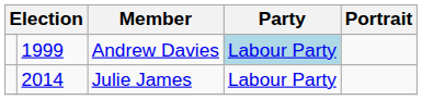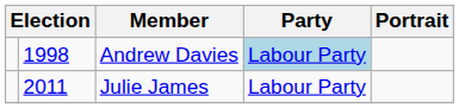 <table class="wikitable">
 <tr>
 <th colspan="2">Election</th>
 <th>Member</th>
 <th>Party</th>
 <th>Portrait</th>
 </tr>
 <tr>
 <td style="background-color: "></td>
-<td><a href='#'>1999</a></td>
+<td><a href='#'>1998</a></td>
 <td><a href='#'>Andrew Davies</a></td>
 <td style="background: lightblue;"><a href='#'>Labour Party</a></td>
 <td></td>
 </tr>
 <tr>
 <td style="background-color: "></td>
-<td><a href='#'>2014</a></td>
+<td><a href='#'>2011</a></td>
 <td><a href='#'>Julie James</a></td>
 <td><a href='#'>Labour Party</a></td>
 <td></td>
 </tr>
 <tr>
 </tr>
 </table>
